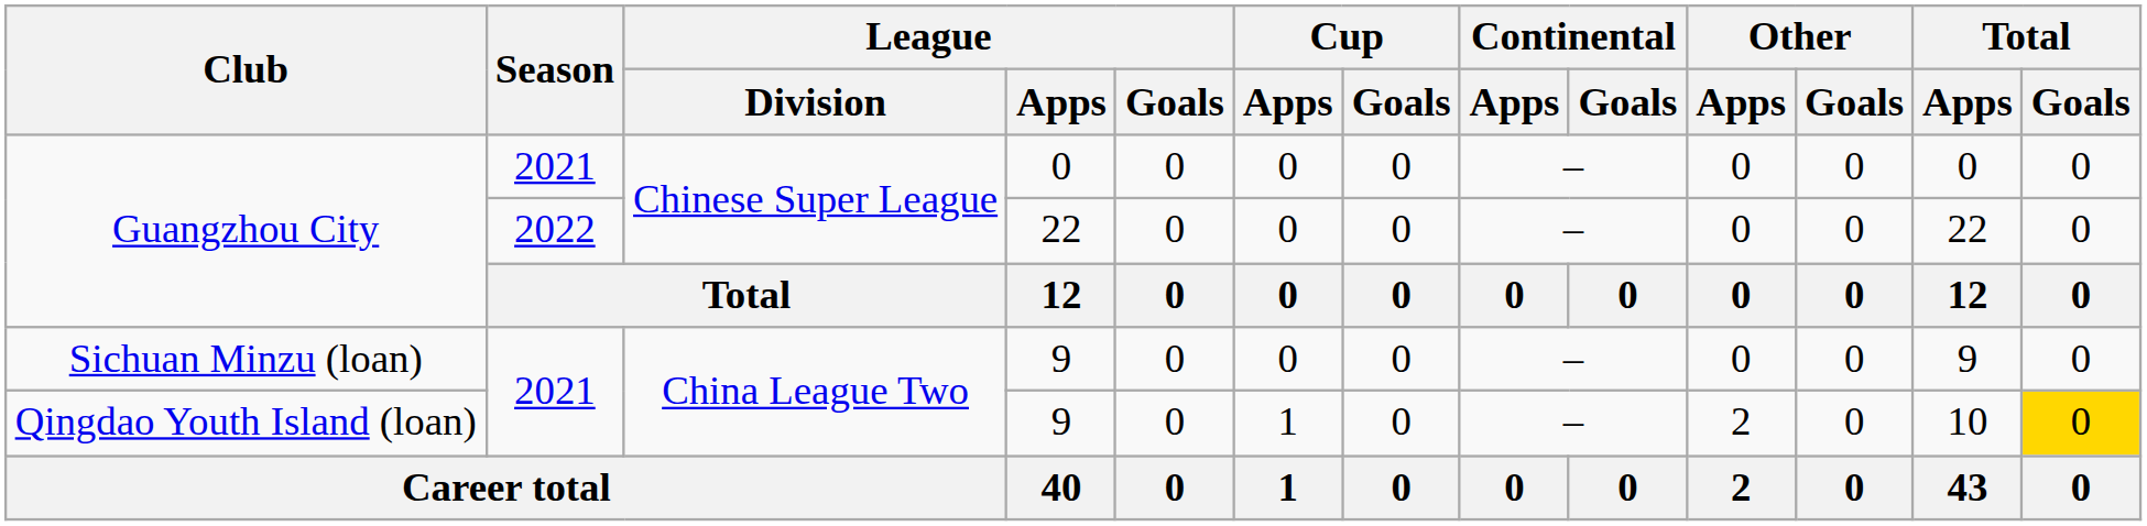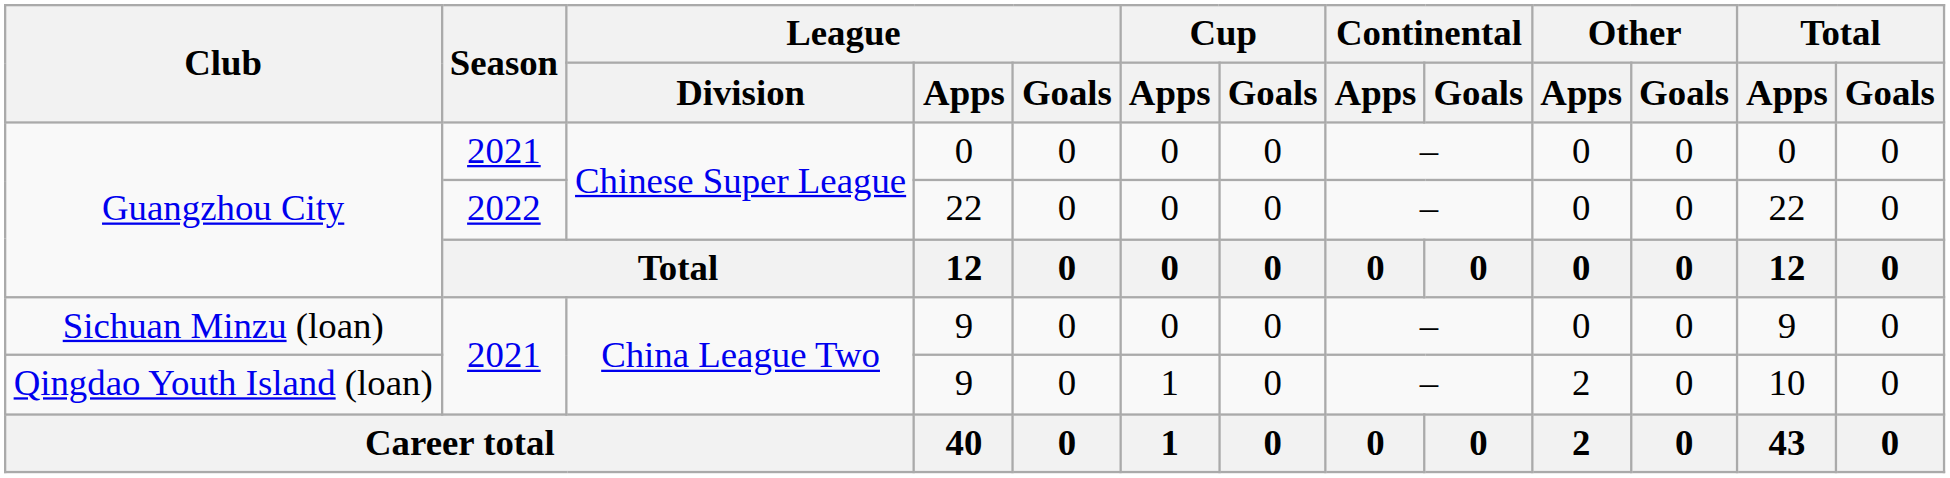 <table class="wikitable" style="text-align: center">
 <tr>
 <th rowspan="2">Club</th>
 <th rowspan="2">Season</th>
 <th colspan="3">League</th>
 <th colspan="2">Cup</th>
 <th colspan="2">Continental</th>
 <th colspan="2">Other</th>
 <th colspan="2">Total</th>
 </tr>
 <tr>
 <th>Division</th>
 <th>Apps</th>
 <th>Goals</th>
 <th>Apps</th>
 <th>Goals</th>
 <th>Apps</th>
 <th>Goals</th>
 <th>Apps</th>
 <th>Goals</th>
 <th>Apps</th>
 <th>Goals</th>
 </tr>
 <tr>
 <td rowspan="3"><a href='#'>Guangzhou City</a></td>
 <td><a href='#'>2021</a></td>
 <td rowspan="2"><a href='#'>Chinese Super League</a></td>
 <td>0</td>
 <td>0</td>
 <td>0</td>
 <td>0</td>
 <td colspan="2">–</td>
 <td>0</td>
 <td>0</td>
 <td>0</td>
 <td>0</td>
 </tr>
 <tr>
 <td><a href='#'>2022</a></td>
 <td>22</td>
 <td>0</td>
 <td>0</td>
 <td>0</td>
 <td colspan="2">–</td>
 <td>0</td>
 <td>0</td>
 <td>22</td>
 <td>0</td>
 </tr>
 <tr>
 <th colspan=2>Total</th>
 <th>12</th>
 <th>0</th>
 <th>0</th>
 <th>0</th>
 <th>0</th>
 <th>0</th>
 <th>0</th>
 <th>0</th>
 <th>12</th>
 <th>0</th>
 </tr>
 <tr>
 <td><a href='#'>Sichuan Minzu</a> (loan)</td>
 <td rowspan="2"><a href='#'>2021</a></td>
 <td rowspan="2"><a href='#'>China League Two</a></td>
 <td>9</td>
 <td>0</td>
 <td>0</td>
 <td>0</td>
 <td colspan="2">–</td>
 <td>0</td>
 <td>0</td>
 <td>9</td>
 <td>0</td>
 </tr>
 <tr>
 <td><a href='#'>Qingdao Youth Island</a> (loan)</td>
 <td>9</td>
 <td>0</td>
 <td>1</td>
 <td>0</td>
 <td colspan="2">–</td>
 <td>2</td>
 <td>0</td>
 <td>10</td>
-<td style="background: gold;">0</td>
+<td>0</td>
 </tr>
 <tr>
 <th colspan=3>Career total</th>
 <th>40</th>
 <th>0</th>
 <th>1</th>
 <th>0</th>
 <th>0</th>
 <th>0</th>
 <th>2</th>
 <th>0</th>
 <th>43</th>
 <th>0</th>
 </tr>
 </table>
